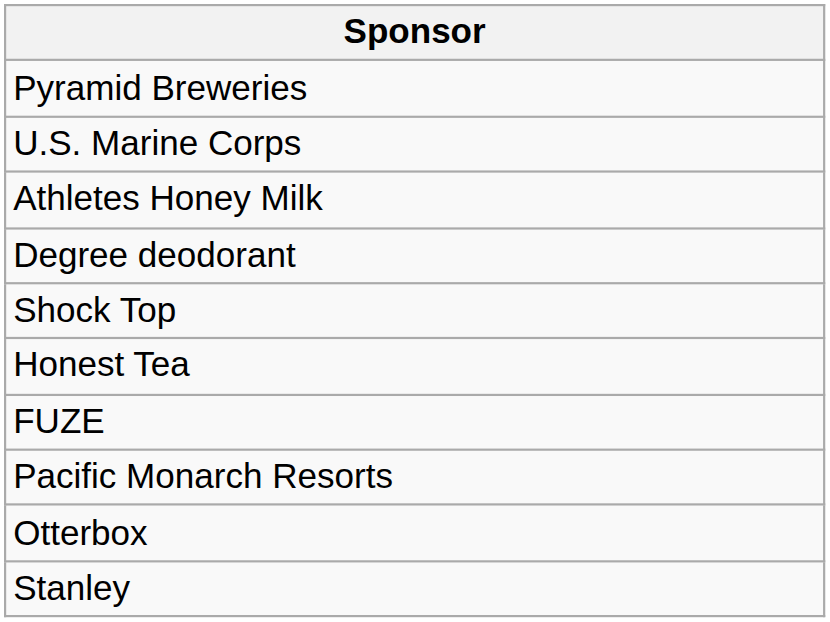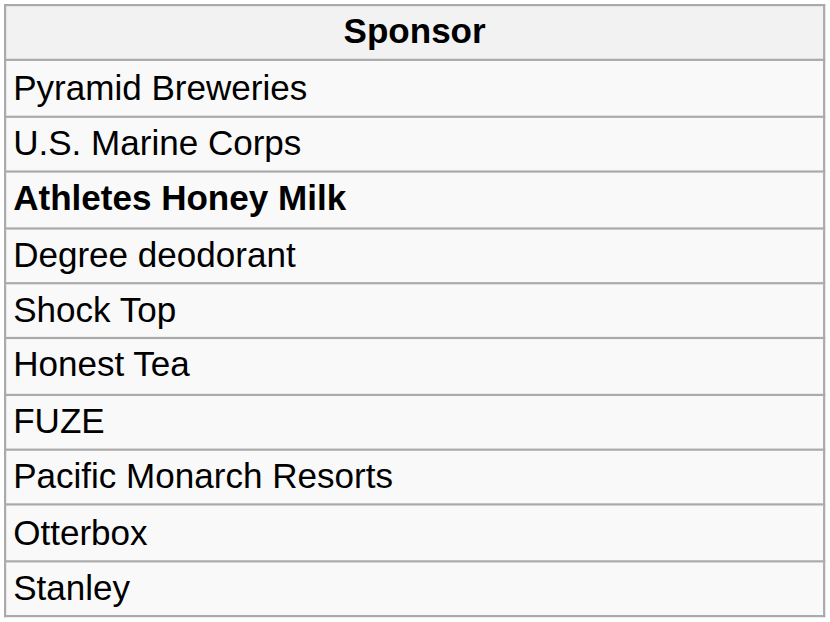 <table class="wikitable collapsible" style="width: 375px">
 <tr>
 <th scope="col" width="375">Sponsor</th>
 </tr>
 <tr>
 <td>Pyramid Breweries</td>
 </tr>
 <tr>
 <td>U.S. Marine Corps</td>
 </tr>
 <tr>
-<td>Athletes Honey Milk</td>
+<td><strong>Athletes Honey Milk</strong></td>
 </tr>
 <tr>
 <td>Degree deodorant</td>
 </tr>
 <tr>
 <td>Shock Top</td>
 </tr>
 <tr>
 <td>Honest Tea</td>
 </tr>
 <tr>
 <td>FUZE</td>
 </tr>
 <tr>
 <td>Pacific Monarch Resorts</td>
 </tr>
 <tr>
 <td>Otterbox</td>
 </tr>
 <tr>
 <td>Stanley</td>
 </tr>
 </table>
